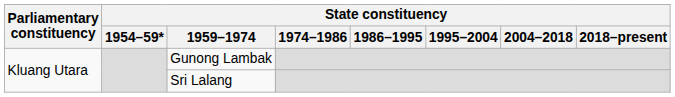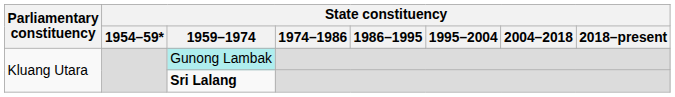 <table class="wikitable">
 <tr>
 <th rowspan="2">Parliamentary<br>constituency</th>
 <th colspan="7">State constituency</th>
 </tr>
 <tr>
 <th>1954–59*</th>
 <th>1959–1974</th>
 <th>1974–1986</th>
 <th>1986–1995</th>
 <th>1995–2004</th>
 <th>2004–2018</th>
 <th>2018–present</th>
 </tr>
 <tr>
 <td rowspan="2">Kluang Utara</td>
 <td rowspan="2" bgcolor="dcdcdc"></td>
-<td>Gunong Lambak</td>
+<td style="background: paleturquoise;">Gunong Lambak</td>
 <td colspan="5" bgcolor="dcdcdc"></td>
 </tr>
 <tr>
-<td>Sri Lalang</td>
+<td><strong>Sri Lalang</strong></td>
 <td colspan="5" bgcolor="dcdcdc"></td>
 </tr>
 </table>
